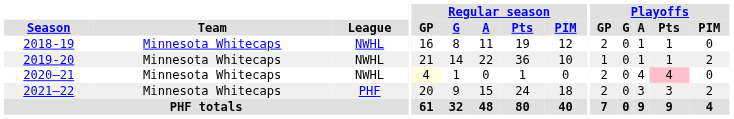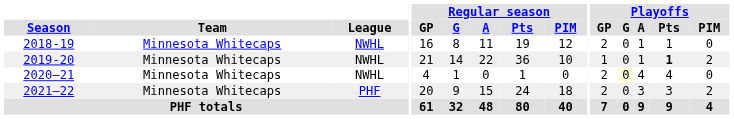 <table border="0" cellpadding="1" cellspacing="0" style="text-align:center; width:60em">
 <tr bgcolor="#e0e0e0">
 <th colspan="3" bgcolor="#ffffff"></th>
 <th rowspan="99" bgcolor="#ffffff"></th>
 <th colspan="5"><a href='#'>Regular season</a></th>
 <th rowspan="99" bgcolor="#ffffff"></th>
 <th colspan="5"><a href='#'>Playoffs</a></th>
 </tr>
 <tr bgcolor="#e0e0e0">
 <th><a href='#'>Season</a></th>
 <th>Team</th>
 <th>League</th>
 <th>GP</th>
 <th><a href='#'>G</a></th>
 <th><a href='#'>A</a></th>
 <th><a href='#'>Pts</a></th>
 <th><a href='#'>PIM</a></th>
 <th>GP</th>
 <th>G</th>
 <th>A</th>
 <th>Pts</th>
 <th>PIM</th>
 </tr>
 <tr>
 <td><a href='#'>2018-19</a></td>
 <td><a href='#'>Minnesota Whitecaps</a></td>
 <td><a href='#'>NWHL</a></td>
 <td>16</td>
 <td>8</td>
 <td>11</td>
 <td>19</td>
 <td>12</td>
 <td>2</td>
 <td>0</td>
 <td>1</td>
 <td>1</td>
 <td>0</td>
 </tr>
 <tr bgcolor="#f0f0f0">
 <td><a href='#'>2019-20</a></td>
 <td>Minnesota Whitecaps</td>
 <td>NWHL</td>
 <td>21</td>
 <td>14</td>
 <td>22</td>
 <td>36</td>
 <td>10</td>
 <td>1</td>
 <td>0</td>
 <td>1</td>
-<td>1</td>
+<td><strong>1</strong></td>
 <td>2</td>
 </tr>
 <tr>
 <td><a href='#'>2020–21</a></td>
 <td>Minnesota Whitecaps</td>
 <td>NWHL</td>
-<td style="background: lightyellow;">4</td>
+<td>4</td>
 <td>1</td>
 <td>0</td>
 <td>1</td>
 <td>0</td>
 <td>2</td>
-<td>0</td>
+<td style="background: lightyellow;">0</td>
 <td>4</td>
-<td style="background: pink;">4</td>
+<td>4</td>
 <td>0</td>
 </tr>
 <tr bgcolor="#f0f0f0">
 <td><a href='#'>2021–22</a></td>
 <td>Minnesota Whitecaps</td>
 <td><a href='#'>PHF</a></td>
 <td>20</td>
 <td>9</td>
 <td>15</td>
 <td>24</td>
 <td>18</td>
 <td>2</td>
 <td>0</td>
 <td>3</td>
 <td>3</td>
 <td>2</td>
 </tr>
 <tr bgcolor="#e0e0e0">
 <th colspan="3">PHF totals</th>
 <th>61</th>
 <th>32</th>
 <th>48</th>
 <th>80</th>
 <th>40</th>
 <th>7</th>
 <th>0</th>
 <th>9</th>
 <th>9</th>
 <th>4</th>
 </tr>
 </table>
